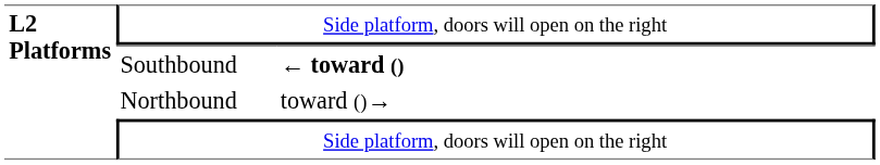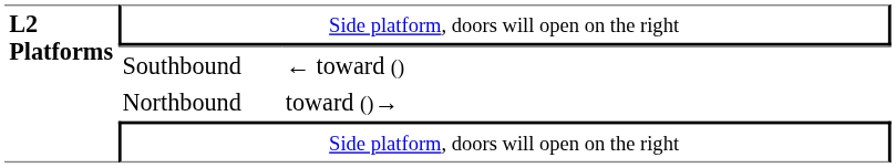 <table table border=0 cellspacing=0 cellpadding=3>
 <tr>
 <td style="border-top:solid 1px gray;border-bottom:solid 1px gray;" width=50 rowspan=10 valign=top><strong>L2<br>Platforms</strong></td>
 <td style="border-top:solid 1px gray;border-right:solid 2px black;border-left:solid 2px black;border-bottom:solid 2px black;text-align:center;" colspan=2><small><a href='#'>Side platform</a>, doors will open on the right</small></td>
 </tr>
 <tr>
 <td style="border-bottom:solid 0px gray;border-top:solid 1px gray;" width=100>Southbound</td>
-<td style="border-bottom:solid 0px gray;border-top:solid 1px gray;" width=390><strong>←  toward  <small>()</small></strong></td>
+<td style="border-bottom:solid 0px gray;border-top:solid 1px gray;" width=390>←  toward  <small>()</small></td>
 </tr>
 <tr>
 <td>Northbound</td>
 <td>  toward  <small>()</small>→</td>
 </tr>
 <tr>
 <td style="border-top:solid 2px black;border-right:solid 2px black;border-left:solid 2px black;border-bottom:solid 1px gray;text-align:center;" colspan=2><small><a href='#'>Side platform</a>, doors will open on the right</small></td>
 </tr>
 </table>
